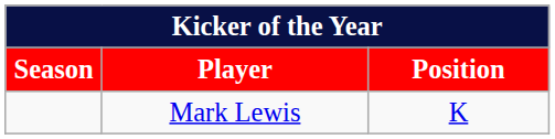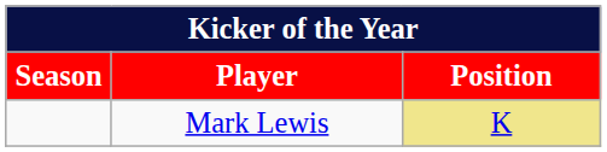 <table class="wikitable sortable" style="text-align:center">
 <tr>
 <td colspan="4" style="background:#081046; color:white;"><strong>Kicker of the Year</strong></td>
 </tr>
 <tr>
 <th style="width:50px; background:red; color:white;">Season</th>
 <th style="width:150px; background:red; color:white;">Player</th>
 <th style="width:100px; background:red; color:white;">Position</th>
 </tr>
 <tr>
 <td></td>
 <td><a href='#'>Mark Lewis</a></td>
-<td><a href='#'>K</a></td>
+<td style="background: khaki;"><a href='#'>K</a></td>
 </tr>
 </table>
